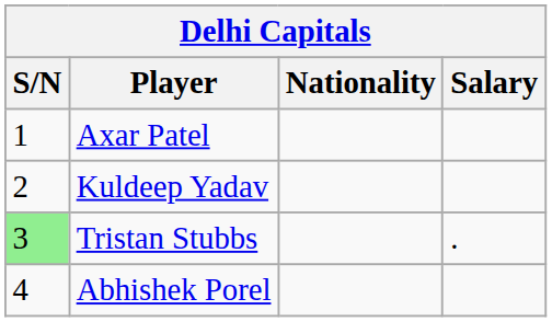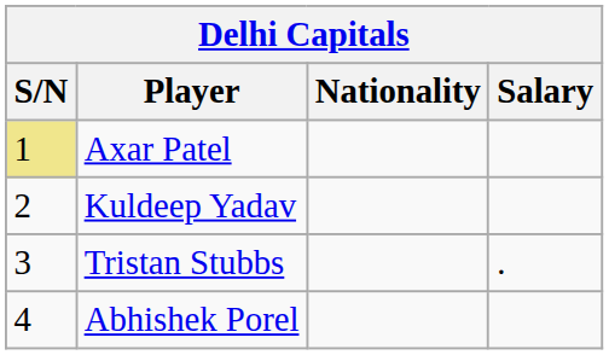 <table class="wikitable" style="font-size:95%;">
 <tr>
 <th scope="colgroup" colspan="4" style="background:#"><a href='#'><span>Delhi Capitals</span></a></th>
 </tr>
 <tr>
 <th scope="col">S/N</th>
 <th scope="col">Player</th>
 <th scope="col">Nationality</th>
 <th scope="col">Salary</th>
 </tr>
 <tr>
-<td>1</td>
+<td style="background: khaki;">1</td>
 <td><a href='#'>Axar Patel</a></td>
 <td></td>
 <td></td>
 </tr>
 <tr>
 <td>2</td>
 <td><a href='#'>Kuldeep Yadav</a></td>
 <td></td>
 <td></td>
 </tr>
 <tr>
-<td style="background: lightgreen;">3</td>
+<td>3</td>
 <td><a href='#'>Tristan Stubbs</a></td>
 <td></td>
 <td>.</td>
 </tr>
 <tr>
 <td>4</td>
 <td><a href='#'>Abhishek Porel</a></td>
 <td></td>
 <td></td>
 </tr>
 </table>
